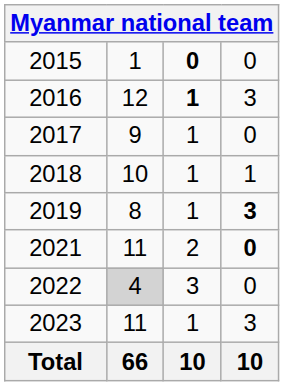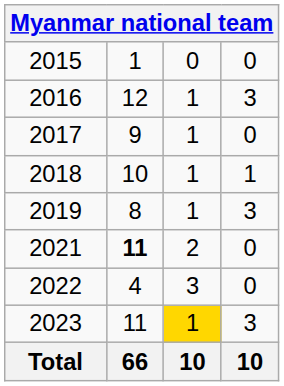 <table class="wikitable" style="text-align:center">
 <tr>
 <th colspan=4><a href='#'>Myanmar national team</a></th>
 </tr>
 <tr>
 <td>2015</td>
 <td>1</td>
-<td><strong>0</strong></td>
+<td>0</td>
 <td>0</td>
 </tr>
 <tr>
 <td>2016</td>
 <td>12</td>
-<td><strong>1</strong></td>
+<td>1</td>
 <td>3</td>
 </tr>
 <tr>
 <td>2017</td>
 <td>9</td>
 <td>1</td>
 <td>0</td>
 </tr>
 <tr>
 <td>2018</td>
 <td>10</td>
 <td>1</td>
 <td>1</td>
 </tr>
 <tr>
 <td>2019</td>
 <td>8</td>
 <td>1</td>
-<td><strong>3</strong></td>
+<td>3</td>
 </tr>
 <tr>
 <td>2021</td>
-<td>11</td>
+<td><strong>11</strong></td>
 <td>2</td>
-<td><strong>0</strong></td>
+<td>0</td>
 </tr>
 <tr>
 <td>2022</td>
-<td style="background: lightgrey;">4</td>
+<td>4</td>
 <td>3</td>
 <td>0</td>
 </tr>
 <tr>
 <td>2023</td>
 <td>11</td>
-<td>1</td>
+<td style="background: gold;">1</td>
 <td>3</td>
 </tr>
 <tr>
 <th>Total</th>
 <th>66</th>
 <th>10</th>
 <th>10</th>
 </tr>
 </table>
